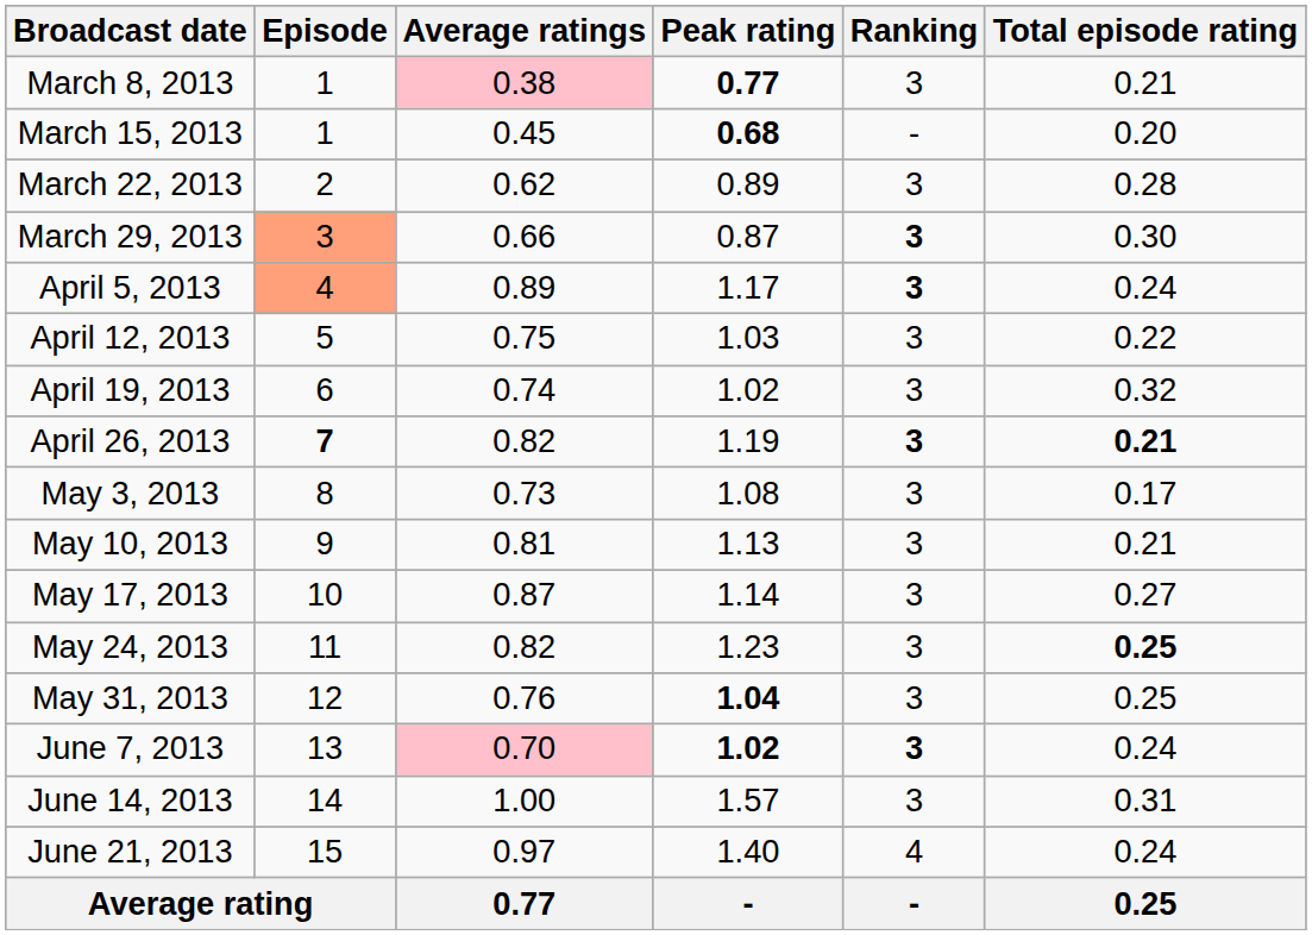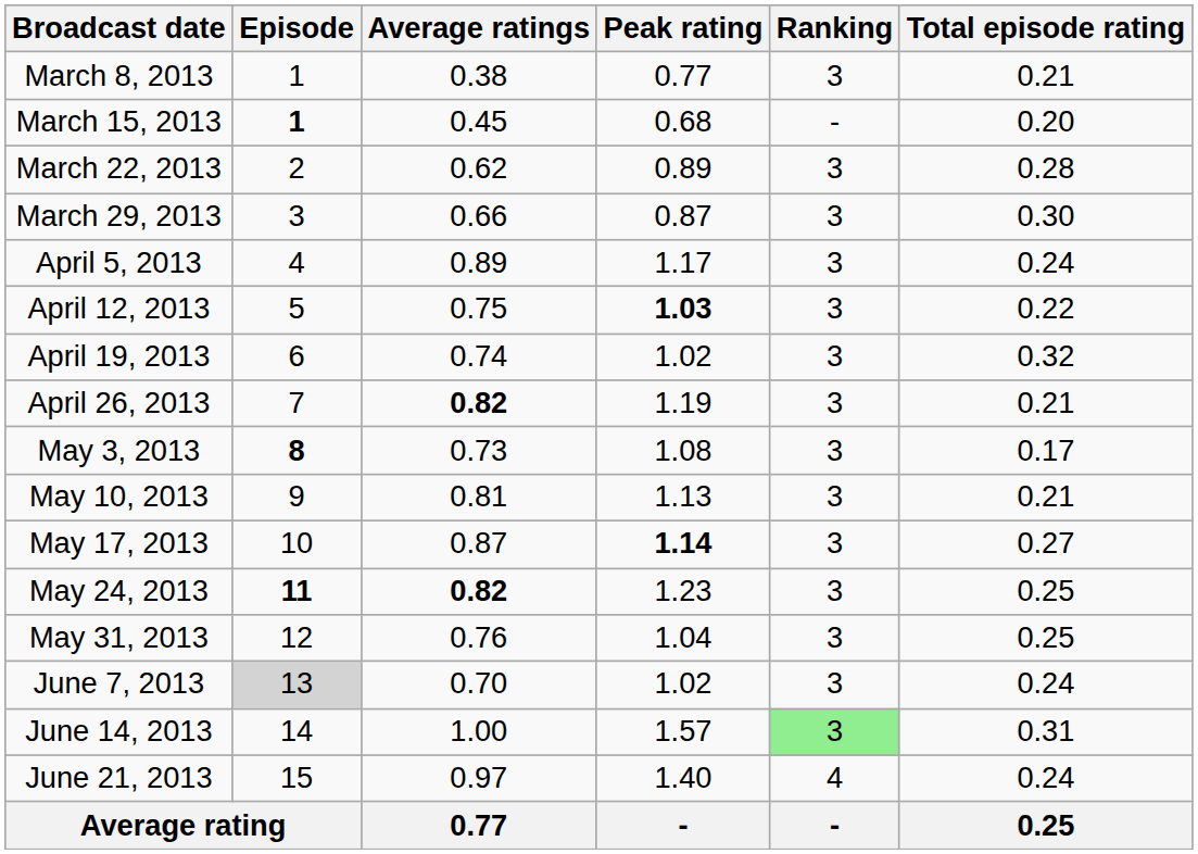 <table class="wikitable" style="text-align:center">
 <tr>
 <th>Broadcast date</th>
 <th>Episode</th>
 <th>Average ratings</th>
 <th>Peak rating</th>
 <th>Ranking</th>
 <th>Total episode rating</th>
 </tr>
 <tr>
 <td>March 8, 2013</td>
 <td>1</td>
-<td style="background: pink;">0.38</td>
-<td><strong>0.77</strong></td>
+<td>0.38</td>
+<td>0.77</td>
 <td>3</td>
 <td>0.21</td>
 </tr>
 <tr>
 <td>March 15, 2013</td>
-<td>1</td>
+<td><strong>1</strong></td>
 <td>0.45</td>
-<td><strong>0.68</strong></td>
+<td>0.68</td>
 <td>-</td>
 <td>0.20</td>
 </tr>
 <tr>
 <td>March 22, 2013</td>
 <td>2</td>
 <td>0.62</td>
 <td>0.89</td>
 <td>3</td>
 <td>0.28</td>
 </tr>
 <tr>
 <td>March 29, 2013</td>
-<td style="background: lightsalmon;">3</td>
+<td>3</td>
 <td>0.66</td>
 <td>0.87</td>
-<td><strong>3</strong></td>
+<td>3</td>
 <td>0.30</td>
 </tr>
 <tr>
 <td>April 5, 2013</td>
-<td style="background: lightsalmon;">4</td>
+<td>4</td>
 <td>0.89</td>
 <td>1.17</td>
-<td><strong>3</strong></td>
+<td>3</td>
 <td>0.24</td>
 </tr>
 <tr>
 <td>April 12, 2013</td>
 <td>5</td>
 <td>0.75</td>
-<td>1.03</td>
+<td><strong>1.03</strong></td>
 <td>3</td>
 <td>0.22</td>
 </tr>
 <tr>
 <td>April 19, 2013</td>
 <td>6</td>
 <td>0.74</td>
 <td>1.02</td>
 <td>3</td>
 <td>0.32</td>
 </tr>
 <tr>
 <td>April 26, 2013</td>
-<td><strong>7</strong></td>
-<td>0.82</td>
+<td>7</td>
+<td><strong>0.82</strong></td>
 <td>1.19</td>
-<td><strong>3</strong></td>
-<td><strong>0.21</strong></td>
+<td>3</td>
+<td>0.21</td>
 </tr>
 <tr>
 <td>May 3, 2013</td>
-<td>8</td>
+<td><strong>8</strong></td>
 <td>0.73</td>
 <td>1.08</td>
 <td>3</td>
 <td>0.17</td>
 </tr>
 <tr>
 <td>May 10, 2013</td>
 <td>9</td>
 <td>0.81</td>
 <td>1.13</td>
 <td>3</td>
 <td>0.21</td>
 </tr>
 <tr>
 <td>May 17, 2013</td>
 <td>10</td>
 <td>0.87</td>
-<td>1.14</td>
+<td><strong>1.14</strong></td>
 <td>3</td>
 <td>0.27</td>
 </tr>
 <tr>
 <td>May 24, 2013</td>
-<td>11</td>
-<td>0.82</td>
+<td><strong>11</strong></td>
+<td><strong>0.82</strong></td>
 <td>1.23</td>
 <td>3</td>
-<td><strong>0.25</strong></td>
+<td>0.25</td>
 </tr>
 <tr>
 <td>May 31, 2013</td>
 <td>12</td>
 <td>0.76</td>
-<td><strong>1.04</strong></td>
+<td>1.04</td>
 <td>3</td>
 <td>0.25</td>
 </tr>
 <tr>
 <td>June 7, 2013</td>
-<td>13</td>
-<td style="background: pink;">0.70</td>
-<td><strong>1.02</strong></td>
-<td><strong>3</strong></td>
+<td style="background: lightgrey;">13</td>
+<td>0.70</td>
+<td>1.02</td>
+<td>3</td>
 <td>0.24</td>
 </tr>
 <tr>
 <td>June 14, 2013</td>
 <td>14</td>
 <td>1.00</td>
 <td>1.57</td>
-<td>3</td>
+<td style="background: lightgreen;">3</td>
 <td>0.31</td>
 </tr>
 <tr>
 <td>June 21, 2013</td>
 <td>15</td>
 <td>0.97</td>
 <td>1.40</td>
 <td>4</td>
 <td>0.24</td>
 </tr>
 <tr>
 <th colspan="2"><strong>Average rating</strong></th>
 <th><strong>0.77</strong></th>
 <th>-</th>
 <th>-</th>
 <th><strong>0.25</strong></th>
 </tr>
 </table>
